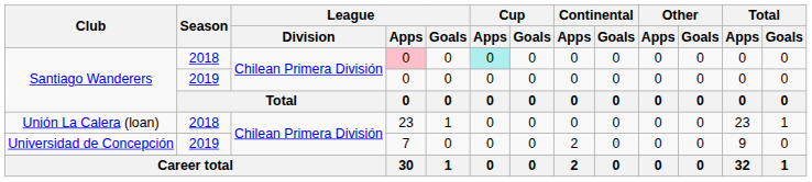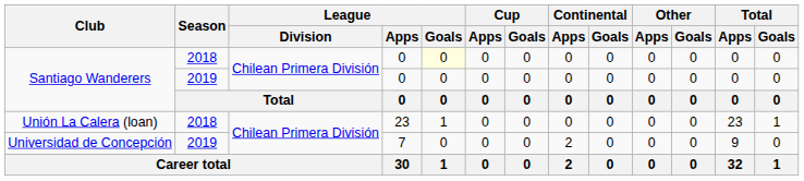 <table class="wikitable" style="text-align: center">
 <tr>
 <th rowspan="2">Club</th>
 <th rowspan="2">Season</th>
 <th colspan="3">League</th>
 <th colspan="2">Cup</th>
 <th colspan="2">Continental</th>
 <th colspan="2">Other</th>
 <th colspan="2">Total</th>
 </tr>
 <tr>
 <th>Division</th>
 <th>Apps</th>
 <th>Goals</th>
 <th>Apps</th>
 <th>Goals</th>
 <th>Apps</th>
 <th>Goals</th>
 <th>Apps</th>
 <th>Goals</th>
 <th>Apps</th>
 <th>Goals</th>
 </tr>
 <tr>
 <td rowspan="3"><a href='#'>Santiago Wanderers</a></td>
 <td><a href='#'>2018</a></td>
 <td rowspan="2"><a href='#'>Chilean Primera División</a></td>
-<td style="background: pink;">0</td>
 <td>0</td>
-<td style="background: paleturquoise;">0</td>
+<td style="background: lightyellow;">0</td>
+<td>0</td>
 <td>0</td>
 <td>0</td>
 <td>0</td>
 <td>0</td>
 <td>0</td>
 <td>0</td>
 <td>0</td>
 </tr>
 <tr>
 <td><a href='#'>2019</a></td>
 <td>0</td>
 <td>0</td>
 <td>0</td>
 <td>0</td>
 <td>0</td>
 <td>0</td>
 <td>0</td>
 <td>0</td>
 <td>0</td>
 <td>0</td>
 </tr>
 <tr>
 <th colspan="2"><strong>Total</strong></th>
 <th>0</th>
 <th>0</th>
 <th>0</th>
 <th>0</th>
 <th>0</th>
 <th>0</th>
 <th>0</th>
 <th>0</th>
 <th>0</th>
 <th>0</th>
 </tr>
 <tr>
 <td><a href='#'>Unión La Calera</a> (loan)</td>
 <td><a href='#'>2018</a></td>
 <td rowspan="2"><a href='#'>Chilean Primera División</a></td>
 <td>23</td>
 <td>1</td>
 <td>0</td>
 <td>0</td>
 <td>0</td>
 <td>0</td>
 <td>0</td>
 <td>0</td>
 <td>23</td>
 <td>1</td>
 </tr>
 <tr>
 <td><a href='#'>Universidad de Concepción</a></td>
 <td><a href='#'>2019</a></td>
 <td>7</td>
 <td>0</td>
 <td>0</td>
 <td>0</td>
 <td>2</td>
 <td>0</td>
 <td>0</td>
 <td>0</td>
 <td>9</td>
 <td>0</td>
 </tr>
 <tr>
 <th colspan="3"><strong>Career total</strong></th>
 <th>30</th>
 <th>1</th>
 <th>0</th>
 <th>0</th>
 <th>2</th>
 <th>0</th>
 <th>0</th>
 <th>0</th>
 <th>32</th>
 <th>1</th>
 </tr>
 </table>
